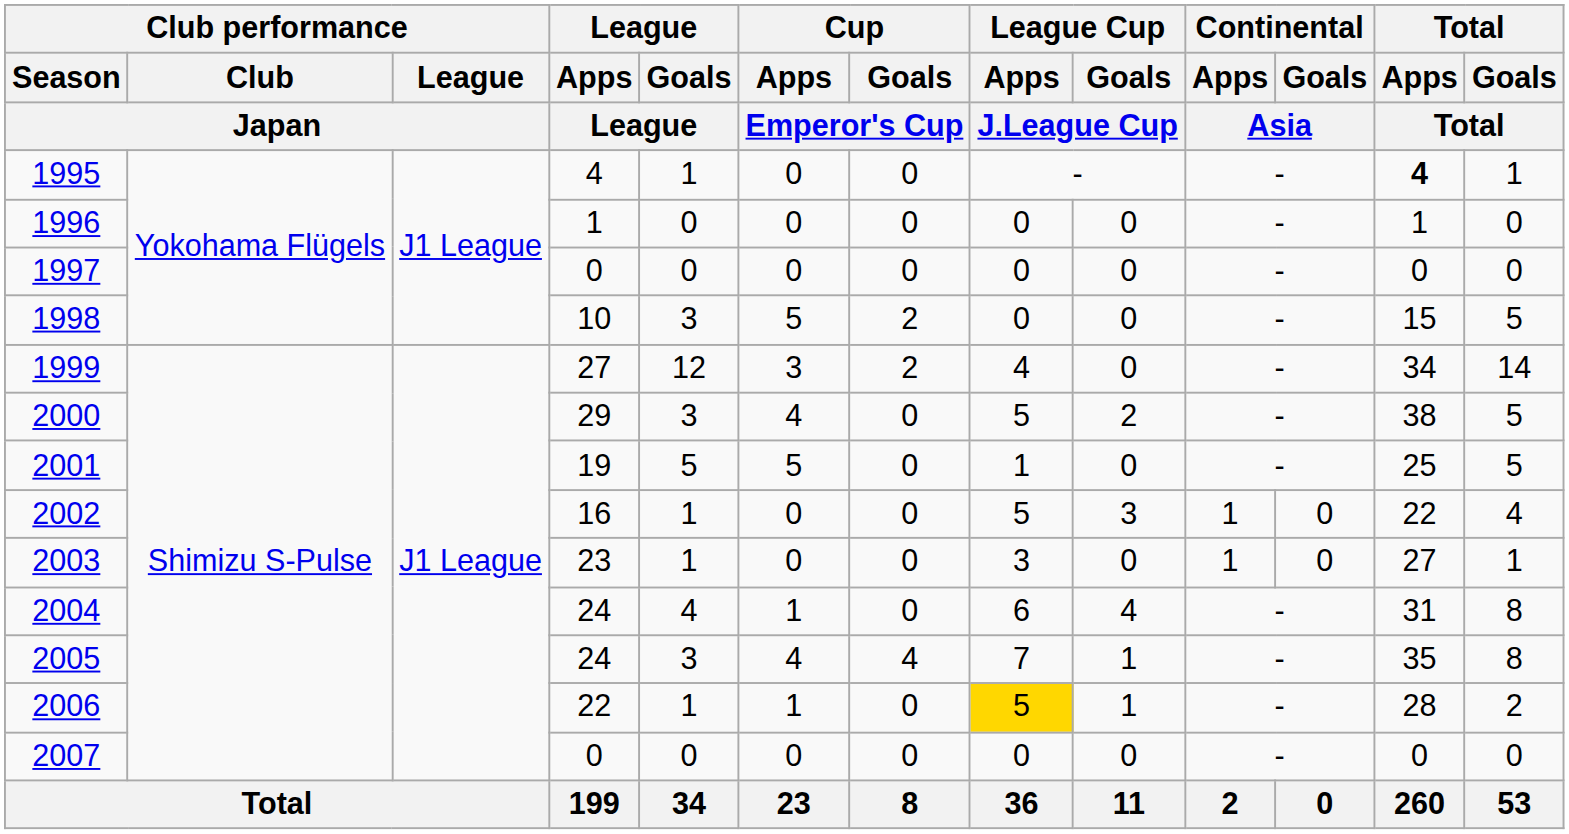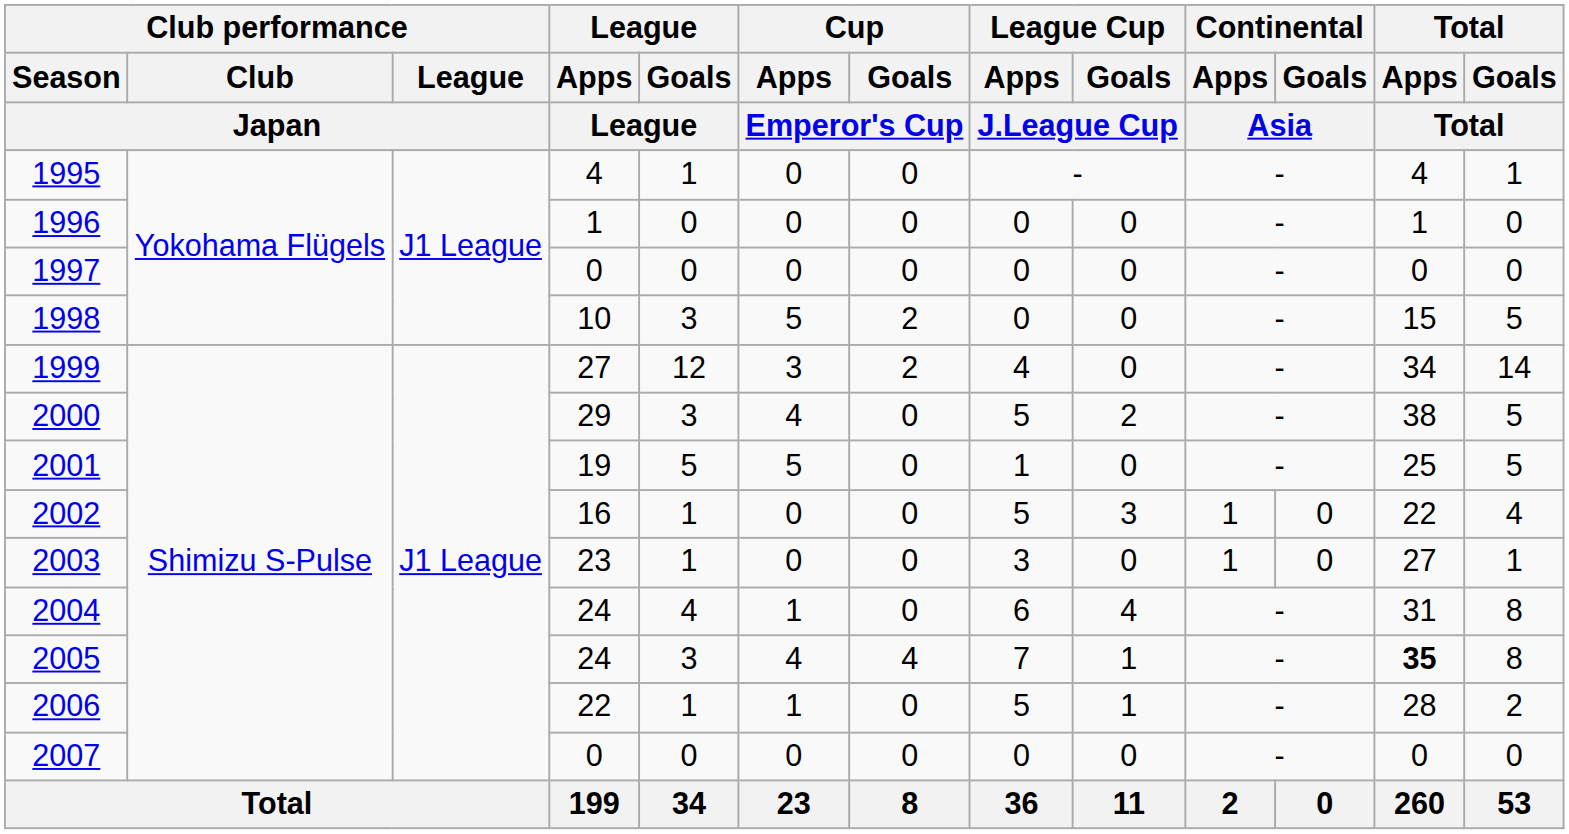 <table class="wikitable" style="text-align:center;">
 <tr>
 <th colspan=3>Club performance</th>
 <th colspan=2>League</th>
 <th colspan=2>Cup</th>
 <th colspan=2>League Cup</th>
 <th colspan=2>Continental</th>
 <th colspan=2>Total</th>
 </tr>
 <tr>
 <th>Season</th>
 <th>Club</th>
 <th>League</th>
 <th>Apps</th>
 <th>Goals</th>
 <th>Apps</th>
 <th>Goals</th>
 <th>Apps</th>
 <th>Goals</th>
 <th>Apps</th>
 <th>Goals</th>
 <th>Apps</th>
 <th>Goals</th>
 </tr>
 <tr>
 <th colspan=3>Japan</th>
 <th colspan=2>League</th>
 <th colspan=2><a href='#'>Emperor's Cup</a></th>
 <th colspan=2><a href='#'>J.League Cup</a></th>
 <th colspan=2><a href='#'>Asia</a></th>
 <th colspan=2>Total</th>
 </tr>
 <tr>
 <td><a href='#'>1995</a></td>
 <td rowspan="4"><a href='#'>Yokohama Flügels</a></td>
 <td rowspan="4"><a href='#'>J1 League</a></td>
 <td>4</td>
 <td>1</td>
 <td>0</td>
 <td>0</td>
 <td colspan="2">-</td>
 <td colspan="2">-</td>
-<td><strong>4</strong></td>
+<td>4</td>
 <td>1</td>
 </tr>
 <tr>
 <td><a href='#'>1996</a></td>
 <td>1</td>
 <td>0</td>
 <td>0</td>
 <td>0</td>
 <td>0</td>
 <td>0</td>
 <td colspan="2">-</td>
 <td>1</td>
 <td>0</td>
 </tr>
 <tr>
 <td><a href='#'>1997</a></td>
 <td>0</td>
 <td>0</td>
 <td>0</td>
 <td>0</td>
 <td>0</td>
 <td>0</td>
 <td colspan="2">-</td>
 <td>0</td>
 <td>0</td>
 </tr>
 <tr>
 <td><a href='#'>1998</a></td>
 <td>10</td>
 <td>3</td>
 <td>5</td>
 <td>2</td>
 <td>0</td>
 <td>0</td>
 <td colspan="2">-</td>
 <td>15</td>
 <td>5</td>
 </tr>
 <tr>
 <td><a href='#'>1999</a></td>
 <td rowspan="9"><a href='#'>Shimizu S-Pulse</a></td>
 <td rowspan="9"><a href='#'>J1 League</a></td>
 <td>27</td>
 <td>12</td>
 <td>3</td>
 <td>2</td>
 <td>4</td>
 <td>0</td>
 <td colspan="2">-</td>
 <td>34</td>
 <td>14</td>
 </tr>
 <tr>
 <td><a href='#'>2000</a></td>
 <td>29</td>
 <td>3</td>
 <td>4</td>
 <td>0</td>
 <td>5</td>
 <td>2</td>
 <td colspan="2">-</td>
 <td>38</td>
 <td>5</td>
 </tr>
 <tr>
 <td><a href='#'>2001</a></td>
 <td>19</td>
 <td>5</td>
 <td>5</td>
 <td>0</td>
 <td>1</td>
 <td>0</td>
 <td colspan="2">-</td>
 <td>25</td>
 <td>5</td>
 </tr>
 <tr>
 <td><a href='#'>2002</a></td>
 <td>16</td>
 <td>1</td>
 <td>0</td>
 <td>0</td>
 <td>5</td>
 <td>3</td>
 <td>1</td>
 <td>0</td>
 <td>22</td>
 <td>4</td>
 </tr>
 <tr>
 <td><a href='#'>2003</a></td>
 <td>23</td>
 <td>1</td>
 <td>0</td>
 <td>0</td>
 <td>3</td>
 <td>0</td>
 <td>1</td>
 <td>0</td>
 <td>27</td>
 <td>1</td>
 </tr>
 <tr>
 <td><a href='#'>2004</a></td>
 <td>24</td>
 <td>4</td>
 <td>1</td>
 <td>0</td>
 <td>6</td>
 <td>4</td>
 <td colspan="2">-</td>
 <td>31</td>
 <td>8</td>
 </tr>
 <tr>
 <td><a href='#'>2005</a></td>
 <td>24</td>
 <td>3</td>
 <td>4</td>
 <td>4</td>
 <td>7</td>
 <td>1</td>
 <td colspan="2">-</td>
-<td>35</td>
+<td><strong>35</strong></td>
 <td>8</td>
 </tr>
 <tr>
 <td><a href='#'>2006</a></td>
 <td>22</td>
 <td>1</td>
 <td>1</td>
 <td>0</td>
-<td style="background: gold;">5</td>
+<td>5</td>
 <td>1</td>
 <td colspan="2">-</td>
 <td>28</td>
 <td>2</td>
 </tr>
 <tr>
 <td><a href='#'>2007</a></td>
 <td>0</td>
 <td>0</td>
 <td>0</td>
 <td>0</td>
 <td>0</td>
 <td>0</td>
 <td colspan="2">-</td>
 <td>0</td>
 <td>0</td>
 </tr>
 <tr>
 <th colspan=3>Total</th>
 <th>199</th>
 <th>34</th>
 <th>23</th>
 <th>8</th>
 <th>36</th>
 <th>11</th>
 <th>2</th>
 <th>0</th>
 <th>260</th>
 <th>53</th>
 </tr>
 </table>
